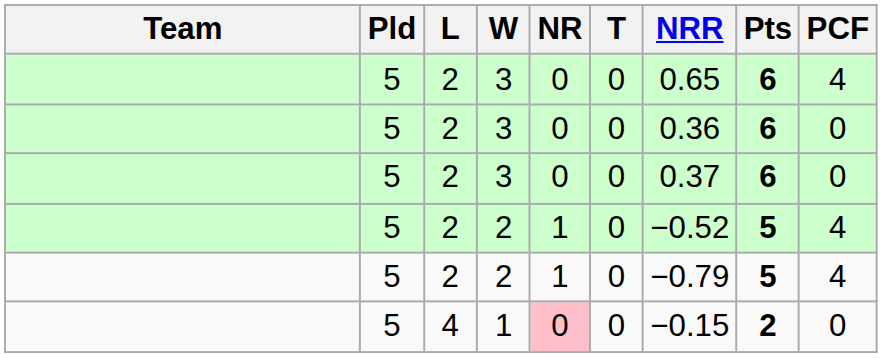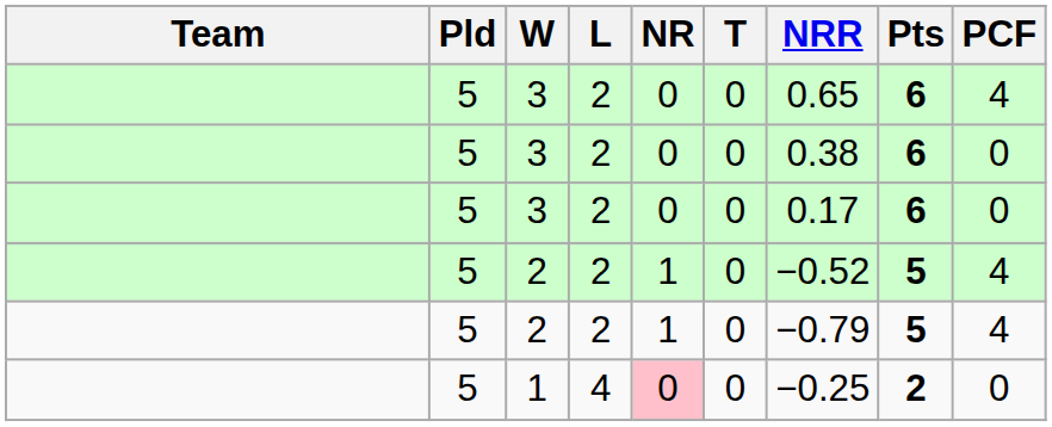 <table class="wikitable" style="text-align:center">
 <tr>
 <th width=175>Team</th>
 <th width=20 abbr="Played">Pld</th>
+<th width=20 abbr="Won">W</th>
 <th width=20 abbr="Lost">L</th>
-<th width=20 abbr="Won">W</th>
 <th width=20 abbr="No result">NR</th>
 <th width=20 abbr="Tied">T</th>
 <th width=20 abbr="Net run rate"><a href='#'>NRR</a></th>
 <th width=20 abbr="Points">Pts</th>
 <th width=20 abbr="Points carried forward">PCF</th>
 </tr>
 <tr style="background:#ccffcc">
 <td style="text-align:left"></td>
 <td>5</td>
+<td>3</td>
 <td>2</td>
-<td>3</td>
 <td>0</td>
 <td>0</td>
 <td>0.65</td>
 <td><strong>6</strong></td>
 <td>4</td>
 </tr>
 <tr style="background:#ccffcc">
 <td style="text-align:left"></td>
 <td>5</td>
+<td>3</td>
 <td>2</td>
-<td>3</td>
 <td>0</td>
 <td>0</td>
-<td>0.36</td>
+<td>0.38</td>
 <td><strong>6</strong></td>
 <td>0</td>
 </tr>
 <tr style="background:#ccffcc">
 <td style="text-align:left"></td>
 <td>5</td>
+<td>3</td>
 <td>2</td>
-<td>3</td>
 <td>0</td>
 <td>0</td>
-<td>0.37</td>
+<td>0.17</td>
 <td><strong>6</strong></td>
 <td>0</td>
 </tr>
 <tr style="background:#ccffcc">
 <td style="text-align:left"></td>
 <td>5</td>
 <td>2</td>
 <td>2</td>
 <td>1</td>
 <td>0</td>
 <td>−0.52</td>
 <td><strong>5</strong></td>
 <td>4</td>
 </tr>
 <tr>
 <td style="text-align:left"></td>
 <td>5</td>
 <td>2</td>
 <td>2</td>
 <td>1</td>
 <td>0</td>
 <td>−0.79</td>
 <td><strong>5</strong></td>
 <td>4</td>
 </tr>
 <tr>
 <td style="text-align:left"></td>
 <td>5</td>
+<td>1</td>
 <td>4</td>
-<td>1</td>
 <td style="background: pink;">0</td>
 <td>0</td>
-<td>−0.15</td>
+<td>−0.25</td>
 <td><strong>2</strong></td>
 <td>0</td>
 </tr>
 </table>
